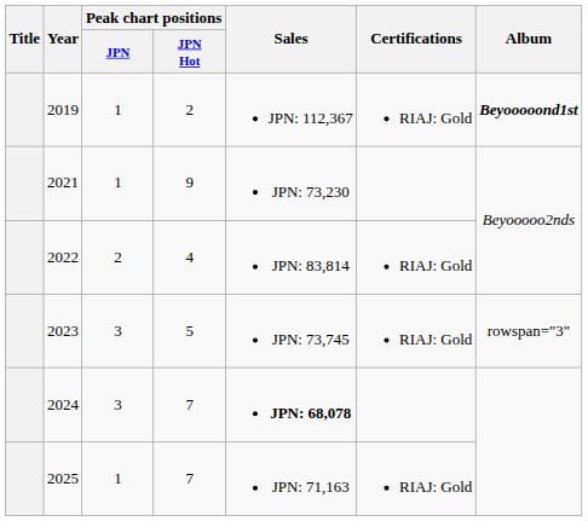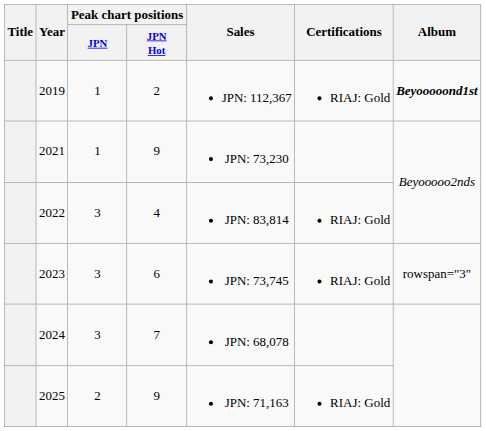 <table class="wikitable plainrowheaders" style="text-align:center;">
 <tr>
 <th scope="col" rowspan="2">Title</th>
 <th scope="col" rowspan="2">Year</th>
 <th scope="col" colspan="2">Peak chart positions</th>
 <th scope="col" rowspan="2">Sales</th>
 <th scope="col" rowspan="2">Certifications</th>
 <th scope="col" rowspan="2">Album</th>
 </tr>
 <tr>
 <th scope="col"><small><a href='#'>JPN</a></small><br></th>
 <th scope="col"><small><a href='#'>JPN<br>Hot</a></small><br></th>
 </tr>
 <tr>
 <th scope="row"></th>
 <td>2019</td>
 <td>1</td>
 <td>2</td>
 <td><br><ul><li>JPN: 112,367</li></ul></td>
 <td><br><ul><li>RIAJ: Gold </li></ul></td>
 <td><strong><em>Beyooooond1st</em></strong></td>
 </tr>
 <tr>
 <th scope="row"></th>
 <td>2021</td>
 <td>1</td>
 <td>9</td>
 <td><br><ul><li>JPN: 73,230</li></ul></td>
 <td></td>
 <td rowspan="2"><em>Beyooooo2nds</em></td>
 </tr>
 <tr>
 <th scope="row"></th>
 <td>2022</td>
-<td>2</td>
+<td>3</td>
 <td>4</td>
 <td><br><ul><li>JPN: 83,814</li></ul></td>
 <td><br><ul><li>RIAJ: Gold </li></ul></td>
 </tr>
 <tr>
 <th scope="row"></th>
 <td>2023</td>
 <td>3</td>
-<td>5</td>
+<td>6</td>
 <td><br><ul><li>JPN: 73,745</li></ul></td>
 <td><br><ul><li>RIAJ: Gold </li></ul></td>
 <td>rowspan="3" </td>
 </tr>
 <tr>
 <th scope="row"></th>
 <td>2024</td>
 <td>3</td>
 <td>7</td>
-<td><strong><br><ul><li>JPN: 68,078</li></ul></strong></td>
+<td><br><ul><li>JPN: 68,078</li></ul></td>
 <td></td>
 </tr>
 <tr>
 <th scope="row"></th>
 <td>2025</td>
-<td>1</td>
-<td>7</td>
+<td>2</td>
+<td>9</td>
 <td><br><ul><li>JPN: 71,163</li></ul></td>
 <td><br><ul><li>RIAJ: Gold </li></ul></td>
 </tr>
 </table>
